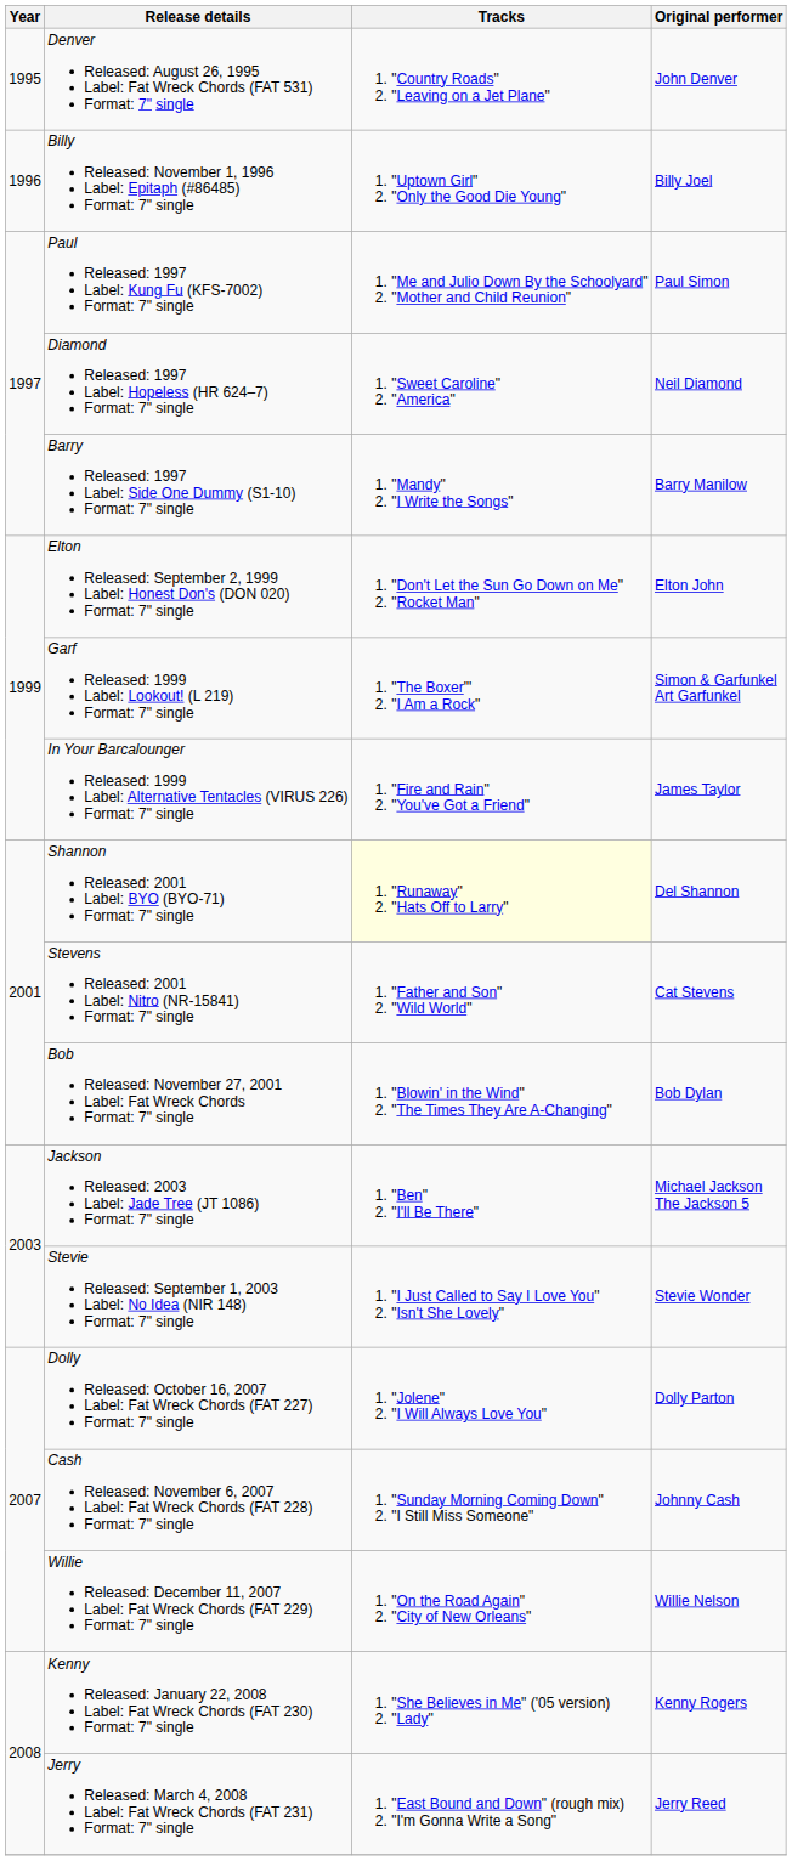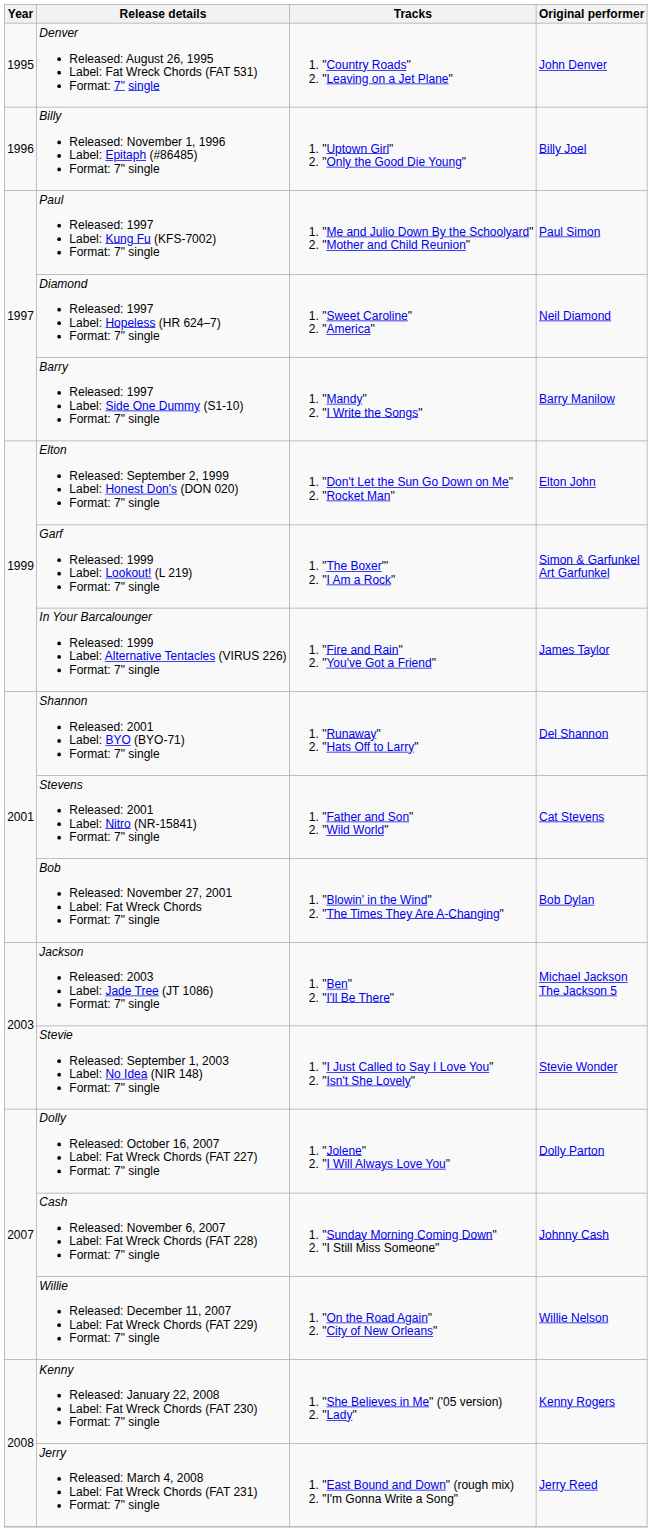 <table class ="wikitable">
 <tr>
 <th>Year</th>
 <th>Release details</th>
 <th>Tracks</th>
 <th>Original performer</th>
 </tr>
 <tr>
 <td>1995</td>
 <td><em>Denver</em><br><ul><li>Released: August 26, 1995</li><li>Label: Fat Wreck Chords (FAT 531)</li><li>Format: <a href='#'>7"</a> <a href='#'>single</a></li></ul></td>
 <td><br><ol><li>"<a href='#'>Country Roads</a>"</li><li>"<a href='#'>Leaving on a Jet Plane</a>"</li></ol></td>
 <td><a href='#'>John Denver</a></td>
 </tr>
 <tr>
 <td>1996</td>
 <td><em>Billy</em><br><ul><li>Released: November 1, 1996</li><li>Label: <a href='#'>Epitaph</a> (#86485)</li><li>Format: 7" single</li></ul></td>
 <td><br><ol><li>"<a href='#'>Uptown Girl</a>"</li><li>"<a href='#'>Only the Good Die Young</a>"</li></ol></td>
 <td><a href='#'>Billy Joel</a></td>
 </tr>
 <tr>
 <td align="center" rowspan=3>1997</td>
 <td><em>Paul</em><br><ul><li>Released: 1997</li><li>Label: <a href='#'>Kung Fu</a> (KFS-7002)</li><li>Format: 7" single</li></ul></td>
 <td><br><ol><li>"<a href='#'>Me and Julio Down By the Schoolyard</a>"</li><li>"<a href='#'>Mother and Child Reunion</a>"</li></ol></td>
 <td><a href='#'>Paul Simon</a></td>
 </tr>
 <tr>
 <td><em>Diamond</em><br><ul><li>Released: 1997</li><li>Label: <a href='#'>Hopeless</a> (HR 624–7)</li><li>Format: 7" single</li></ul></td>
 <td><br><ol><li>"<a href='#'>Sweet Caroline</a>"</li><li>"<a href='#'>America</a>"</li></ol></td>
 <td><a href='#'>Neil Diamond</a></td>
 </tr>
 <tr>
 <td><em>Barry</em><br><ul><li>Released: 1997</li><li>Label: <a href='#'>Side One Dummy</a> (S1-10)</li><li>Format: 7" single</li></ul></td>
 <td><br><ol><li>"<a href='#'>Mandy</a>"</li><li>"<a href='#'>I Write the Songs</a>"</li></ol></td>
 <td><a href='#'>Barry Manilow</a></td>
 </tr>
 <tr>
 <td align="center" rowspan=3>1999</td>
 <td><em>Elton</em><br><ul><li>Released: September 2, 1999</li><li>Label: <a href='#'>Honest Don's</a> (DON 020)</li><li>Format: 7" single</li></ul></td>
 <td><br><ol><li>"<a href='#'>Don't Let the Sun Go Down on Me</a>"</li><li>"<a href='#'>Rocket Man</a>"</li></ol></td>
 <td><a href='#'>Elton John</a></td>
 </tr>
 <tr>
 <td><em>Garf</em><br><ul><li>Released: 1999</li><li>Label: <a href='#'>Lookout!</a> (L 219)</li><li>Format: 7" single</li></ul></td>
 <td><br><ol><li>"<a href='#'>The Boxer</a>"'</li><li>"<a href='#'>I Am a Rock</a>"</li></ol></td>
 <td><a href='#'>Simon & Garfunkel</a><br><a href='#'>Art Garfunkel</a></td>
 </tr>
 <tr>
 <td><em>In Your Barcalounger</em><br><ul><li>Released: 1999</li><li>Label: <a href='#'>Alternative Tentacles</a> (VIRUS 226)</li><li>Format: 7" single</li></ul></td>
 <td><br><ol><li>"<a href='#'>Fire and Rain</a>"</li><li>"<a href='#'>You've Got a Friend</a>"</li></ol></td>
 <td><a href='#'>James Taylor</a></td>
 </tr>
 <tr>
 <td align="center" rowspan=3>2001</td>
 <td><em>Shannon</em><br><ul><li>Released: 2001</li><li>Label: <a href='#'>BYO</a> (BYO-71)</li><li>Format: 7" single</li></ul></td>
-<td style="background: lightyellow;"><br><ol><li>"<a href='#'>Runaway</a>"</li><li>"<a href='#'>Hats Off to Larry</a>"</li></ol></td>
+<td><br><ol><li>"<a href='#'>Runaway</a>"</li><li>"<a href='#'>Hats Off to Larry</a>"</li></ol></td>
 <td><a href='#'>Del Shannon</a></td>
 </tr>
 <tr>
 <td><em>Stevens</em><br><ul><li>Released: 2001</li><li>Label: <a href='#'>Nitro</a> (NR-15841)</li><li>Format: 7" single</li></ul></td>
 <td><br><ol><li>"<a href='#'>Father and Son</a>"</li><li>"<a href='#'>Wild World</a>"</li></ol></td>
 <td><a href='#'>Cat Stevens</a></td>
 </tr>
 <tr>
 <td><em>Bob</em><br><ul><li>Released: November 27, 2001</li><li>Label: Fat Wreck Chords</li><li>Format: 7" single</li></ul></td>
 <td><br><ol><li>"<a href='#'>Blowin' in the Wind</a>"</li><li>"<a href='#'>The Times They Are A-Changing</a>"</li></ol></td>
 <td><a href='#'>Bob Dylan</a></td>
 </tr>
 <tr>
 <td align="center" rowspan="2">2003</td>
 <td><em>Jackson</em><br><ul><li>Released: 2003</li><li>Label: <a href='#'>Jade Tree</a> (JT 1086)</li><li>Format: 7" single</li></ul></td>
 <td><br><ol><li>"<a href='#'>Ben</a>"</li><li>"<a href='#'>I'll Be There</a>"</li></ol></td>
 <td><a href='#'>Michael Jackson</a><br><a href='#'>The Jackson 5</a></td>
 </tr>
 <tr>
 <td><em>Stevie</em><br><ul><li>Released: September 1, 2003</li><li>Label: <a href='#'>No Idea</a> (NIR 148)</li><li>Format: 7" single</li></ul></td>
 <td><br><ol><li>"<a href='#'>I Just Called to Say I Love You</a>"</li><li>"<a href='#'>Isn't She Lovely</a>"</li></ol></td>
 <td><a href='#'>Stevie Wonder</a></td>
 </tr>
 <tr>
 <td align="center" rowspan=3>2007</td>
 <td><em>Dolly</em><br><ul><li>Released: October 16, 2007</li><li>Label: Fat Wreck Chords (FAT 227)</li><li>Format: 7" single</li></ul></td>
 <td><br><ol><li>"<a href='#'>Jolene</a>"</li><li>"<a href='#'>I Will Always Love You</a>"</li></ol></td>
 <td><a href='#'>Dolly Parton</a></td>
 </tr>
 <tr>
 <td><em>Cash</em><br><ul><li>Released: November 6, 2007</li><li>Label: Fat Wreck Chords (FAT 228)</li><li>Format: 7" single</li></ul></td>
 <td><br><ol><li>"<a href='#'>Sunday Morning Coming Down</a>"</li><li>"I Still Miss Someone"</li></ol></td>
 <td><a href='#'>Johnny Cash</a></td>
 </tr>
 <tr>
 <td><em>Willie</em><br><ul><li>Released: December 11, 2007</li><li>Label: Fat Wreck Chords (FAT 229)</li><li>Format: 7" single</li></ul></td>
 <td><br><ol><li>"<a href='#'>On the Road Again</a>"</li><li>"<a href='#'>City of New Orleans</a>"</li></ol></td>
 <td><a href='#'>Willie Nelson</a></td>
 </tr>
 <tr>
 <td align="center" rowspan=2>2008</td>
 <td><em>Kenny</em><br><ul><li>Released: January 22, 2008</li><li>Label: Fat Wreck Chords (FAT 230)</li><li>Format: 7" single</li></ul></td>
 <td><br><ol><li>"<a href='#'>She Believes in Me</a>" ('05 version)</li><li>"<a href='#'>Lady</a>"</li></ol></td>
 <td><a href='#'>Kenny Rogers</a></td>
 </tr>
 <tr>
 <td><em>Jerry</em><br><ul><li>Released: March 4, 2008</li><li>Label: Fat Wreck Chords (FAT 231)</li><li>Format: 7" single</li></ul></td>
 <td><br><ol><li>"<a href='#'>East Bound and Down</a>" (rough mix)</li><li>"I'm Gonna Write a Song"</li></ol></td>
 <td><a href='#'>Jerry Reed</a></td>
 </tr>
 <tr>
 </tr>
 </table>
